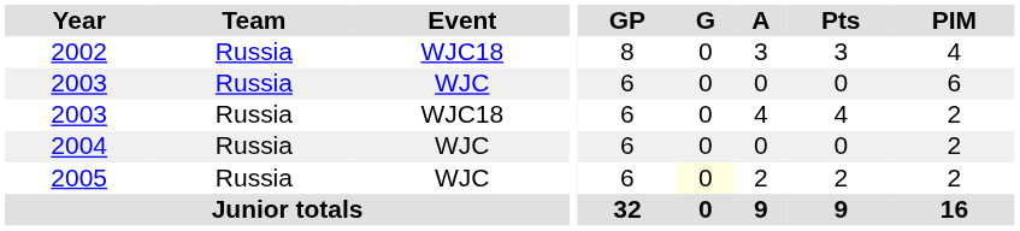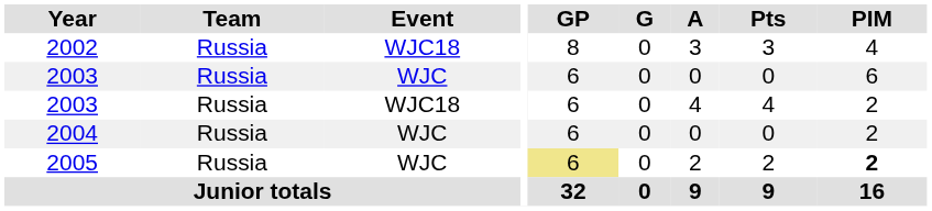 <table border="0" cellpadding="1" cellspacing="0" ID="Table3" style="text-align:center; width:40em">
 <tr ALIGN="center" bgcolor="#e0e0e0">
 <th>Year</th>
 <th>Team</th>
 <th>Event</th>
 <th rowspan="99" bgcolor="#ffffff"></th>
 <th>GP</th>
 <th>G</th>
 <th>A</th>
 <th>Pts</th>
 <th>PIM</th>
 </tr>
 <tr>
 <td><a href='#'>2002</a></td>
 <td><a href='#'>Russia</a></td>
 <td><a href='#'>WJC18</a></td>
 <td>8</td>
 <td>0</td>
 <td>3</td>
 <td>3</td>
 <td>4</td>
 </tr>
 <tr bgcolor="#f0f0f0">
 <td><a href='#'>2003</a></td>
 <td><a href='#'>Russia</a></td>
 <td><a href='#'>WJC</a></td>
 <td>6</td>
 <td>0</td>
 <td>0</td>
 <td>0</td>
 <td>6</td>
 </tr>
 <tr>
 <td><a href='#'>2003</a></td>
 <td>Russia</td>
 <td>WJC18</td>
 <td>6</td>
 <td>0</td>
 <td>4</td>
 <td>4</td>
 <td>2</td>
 </tr>
 <tr bgcolor="#f0f0f0">
 <td><a href='#'>2004</a></td>
 <td>Russia</td>
 <td>WJC</td>
 <td>6</td>
 <td>0</td>
 <td>0</td>
 <td>0</td>
 <td>2</td>
 </tr>
 <tr>
 <td><a href='#'>2005</a></td>
 <td>Russia</td>
 <td>WJC</td>
-<td>6</td>
-<td style="background: lightyellow;">0</td>
+<td style="background: khaki;">6</td>
+<td>0</td>
 <td>2</td>
 <td>2</td>
-<td>2</td>
+<td><strong>2</strong></td>
 </tr>
 <tr bgcolor="#e0e0e0">
 <th colspan="3">Junior totals</th>
 <th>32</th>
 <th>0</th>
 <th>9</th>
 <th>9</th>
 <th>16</th>
 </tr>
 </table>
